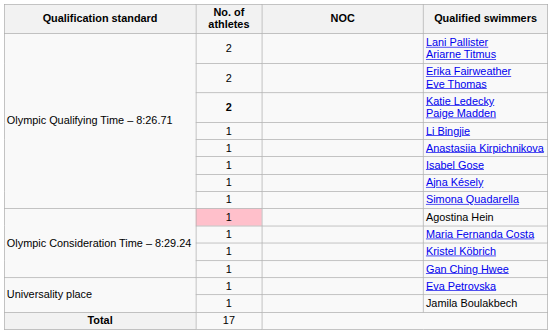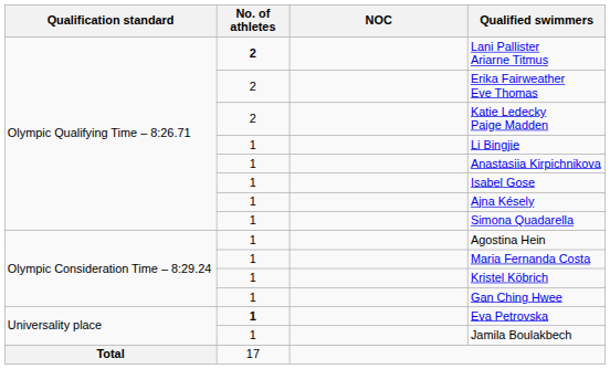 <table class=wikitable style="text-align:left" width=800>
 <tr>
 <th scope="col">Qualification standard</th>
 <th scope="col" width =90>No. of athletes</th>
 <th scope="col" width =230>NOC</th>
 <th scope="col">Qualified swimmers</th>
 </tr>
 <tr>
 <td rowspan=8>Olympic Qualifying Time – 8:26.71</td>
-<td align=center>2</td>
+<td align=center><strong>2</strong></td>
 <td></td>
 <td><a href='#'>Lani Pallister</a><br><a href='#'>Ariarne Titmus</a></td>
 </tr>
 <tr>
 <td align=center>2</td>
 <td></td>
 <td><a href='#'>Erika Fairweather</a><br><a href='#'>Eve Thomas</a></td>
 </tr>
 <tr>
-<td align=center><strong>2</strong></td>
+<td align=center>2</td>
 <td></td>
 <td><a href='#'>Katie Ledecky</a><br><a href='#'>Paige Madden</a></td>
 </tr>
 <tr>
 <td align=center>1</td>
 <td></td>
 <td><a href='#'>Li Bingjie</a></td>
 </tr>
 <tr>
 <td align=center>1</td>
 <td></td>
 <td><a href='#'>Anastasiia Kirpichnikova</a></td>
 </tr>
 <tr>
 <td align=center>1</td>
 <td></td>
 <td><a href='#'>Isabel Gose</a></td>
 </tr>
 <tr>
 <td align=center>1</td>
 <td></td>
 <td><a href='#'>Ajna Késely</a></td>
 </tr>
 <tr>
 <td align=center>1</td>
 <td></td>
 <td><a href='#'>Simona Quadarella</a></td>
 </tr>
 <tr>
 <td rowspan=4>Olympic Consideration Time – 8:29.24</td>
-<td align=center style="background: pink;">1</td>
+<td align=center>1</td>
 <td></td>
 <td>Agostina Hein</td>
 </tr>
 <tr>
 <td align=center>1</td>
 <td></td>
 <td><a href='#'>Maria Fernanda Costa</a></td>
 </tr>
 <tr>
 <td align=center>1</td>
 <td></td>
 <td><a href='#'>Kristel Köbrich</a></td>
 </tr>
 <tr>
 <td align=center>1</td>
 <td></td>
 <td><a href='#'>Gan Ching Hwee</a></td>
 </tr>
 <tr>
 <td rowspan=2>Universality place</td>
-<td align=center>1</td>
+<td align=center><strong>1</strong></td>
 <td></td>
 <td><a href='#'>Eva Petrovska</a></td>
 </tr>
 <tr>
 <td align=center>1</td>
 <td></td>
 <td>Jamila Boulakbech</td>
 </tr>
 <tr>
 <th scope="row">Total</th>
 <td align=center>17</td>
 <td colspan=2></td>
 </tr>
 </table>
